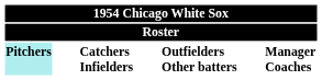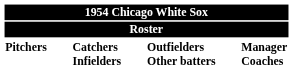 <table class="toccolours" style="font-size: 95%;">
 <tr>
 <th colspan="10" style="background-color: black; color: white; text-align: center;">1954 Chicago White Sox</th>
 </tr>
 <tr>
 <td colspan="10" style="background-color: black; color: white; text-align: center;"><strong>Roster</strong></td>
 </tr>
 <tr>
-<td valign="top" style="background: paleturquoise;"><strong>Pitchers</strong><br>            </td>
+<td valign="top"><strong>Pitchers</strong><br>            </td>
 <td width="25px"></td>
 <td valign="top"><strong>Catchers</strong><br>    <strong>Infielders</strong>           </td>
 <td width="25px"></td>
 <td valign="top"><strong>Outfielders</strong><br>        <strong>Other batters</strong>  </td>
 <td width="25px"></td>
 <td valign="top"><strong>Manager</strong><br>  <strong>Coaches</strong>   </td>
 </tr>
 </table>
